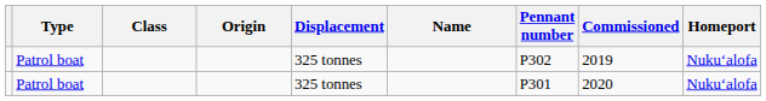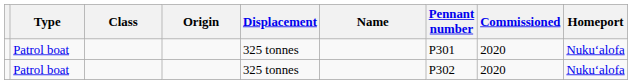 <table class="wikitable">
 <tr>
 <th></th>
 <th width="85">Type</th>
 <th width="90">Class</th>
 <th width="90">Origin</th>
 <th><a href='#'>Displacement</a></th>
 <th width="125">Name</th>
 <th width="35"><a href='#'>Pennant number</a></th>
 <th width="40"><a href='#'>Commissioned</a></th>
 <th>Homeport</th>
 </tr>
 <tr>
 <td></td>
 <td><a href='#'>Patrol boat</a></td>
 <td></td>
 <td></td>
 <td>325 tonnes</td>
 <td></td>
-<td>P302</td>
-<td>2019</td>
+<td>P301</td>
+<td>2020</td>
 <td><a href='#'>Nukuʻalofa</a></td>
 </tr>
 <tr>
 <td></td>
 <td><a href='#'>Patrol boat</a></td>
 <td></td>
 <td></td>
 <td>325 tonnes</td>
 <td></td>
-<td>P301</td>
+<td>P302</td>
 <td>2020</td>
 <td><a href='#'>Nukuʻalofa</a></td>
 </tr>
 </table>
